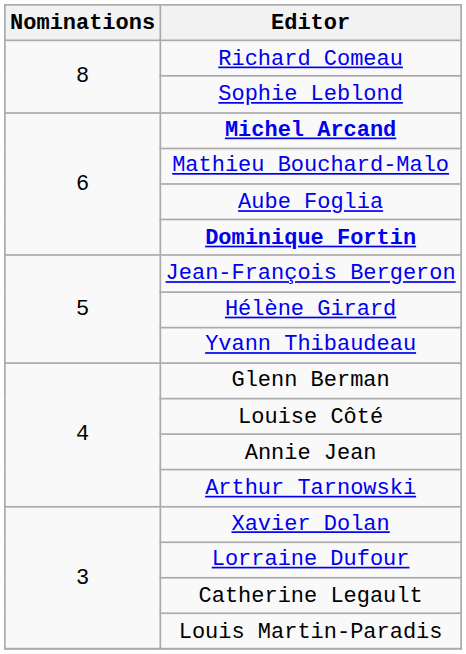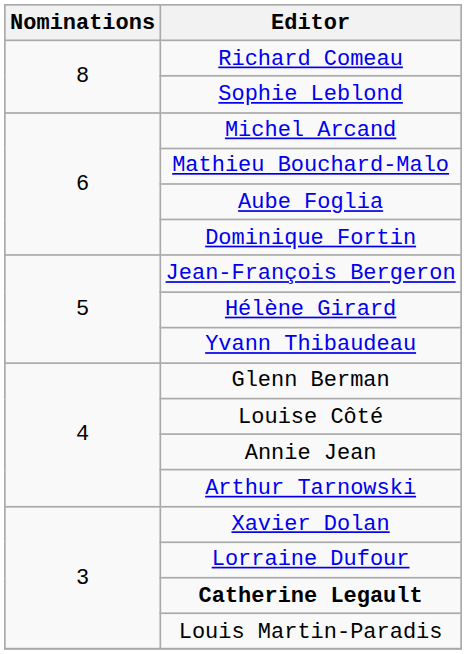 <table class="wikitable" style="text-align:center;">
 <tr>
 <th scope="col" width="10">Nominations</th>
 <th scope="col" align="center">Editor</th>
 </tr>
 <tr>
 <td rowspan="2" style="text-align:center;">8</td>
 <td><a href='#'>Richard Comeau</a></td>
 </tr>
 <tr>
 <td><a href='#'>Sophie Leblond</a></td>
 </tr>
 <tr>
 <td rowspan="4" style="text-align:center;">6</td>
-<td><strong><a href='#'>Michel Arcand</a></strong></td>
+<td><a href='#'>Michel Arcand</a></td>
 </tr>
 <tr>
 <td><a href='#'>Mathieu Bouchard-Malo</a></td>
 </tr>
 <tr>
 <td><a href='#'>Aube Foglia</a></td>
 </tr>
 <tr>
-<td><strong><a href='#'>Dominique Fortin</a></strong></td>
+<td><a href='#'>Dominique Fortin</a></td>
 </tr>
 <tr>
 <td rowspan="3" style="text-align:center;">5</td>
 <td><a href='#'>Jean-François Bergeron</a></td>
 </tr>
 <tr>
 <td><a href='#'>Hélène Girard</a></td>
 </tr>
 <tr>
 <td><a href='#'>Yvann Thibaudeau</a></td>
 </tr>
 <tr>
 <td rowspan="4" style="text-align:center;">4</td>
 <td>Glenn Berman</td>
 </tr>
 <tr>
 <td>Louise Côté</td>
 </tr>
 <tr>
 <td>Annie Jean</td>
 </tr>
 <tr>
 <td><a href='#'>Arthur Tarnowski</a></td>
 </tr>
 <tr>
 <td rowspan="4" style="text-align:center;">3</td>
 <td><a href='#'>Xavier Dolan</a></td>
 </tr>
 <tr>
 <td><a href='#'>Lorraine Dufour</a></td>
 </tr>
 <tr>
-<td>Catherine Legault</td>
+<td><strong>Catherine Legault</strong></td>
 </tr>
 <tr>
 <td>Louis Martin-Paradis</td>
 </tr>
 <tr>
 </tr>
 </table>
